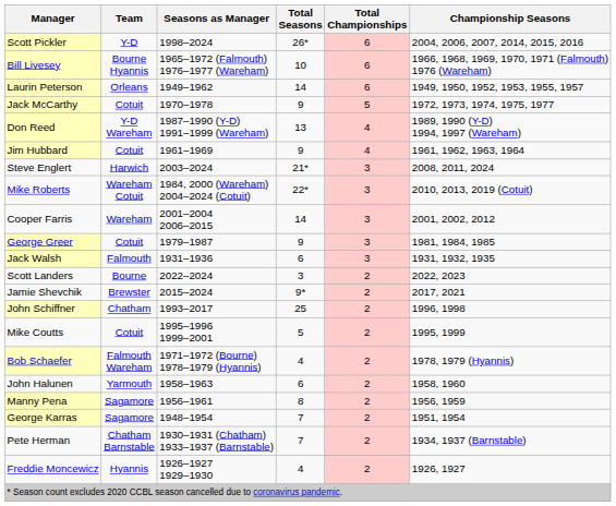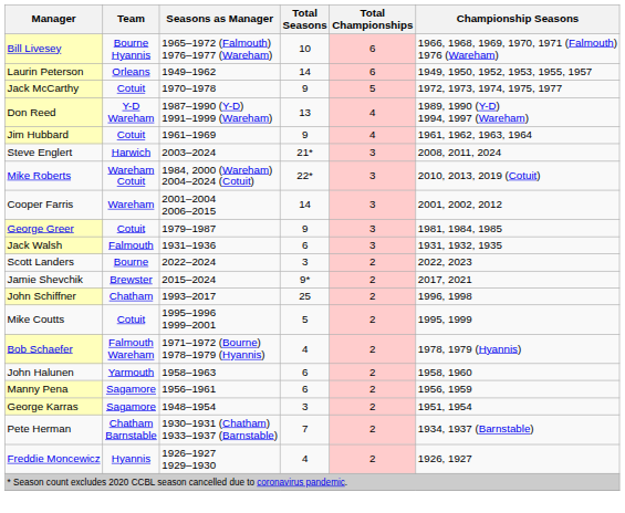 <table class="wikitable" style="text-align:center">
 <tr>
 <th>Manager</th>
 <th>Team</th>
 <th>Seasons as Manager</th>
 <th>Total<br>Seasons</th>
 <th>Total<br>Championships</th>
 <th>Championship Seasons</th>
-</tr>
-<tr>
-<td style="text-align:left; background:#ffb">Scott Pickler</td>
-<td><a href='#'>Y-D</a></td>
-<td style="text-align:left">1998–2024</td>
-<td>26*</td>
-<td bgcolor=#ffcccc>6</td>
-<td style="text-align:left">2004, 2006, 2007, 2014, 2015, 2016</td>
 </tr>
 <tr>
 <td style="text-align:left; background:#ffb"><a href='#'>Bill Livesey</a></td>
 <td><a href='#'>Bourne</a><br><a href='#'>Hyannis</a></td>
 <td style="text-align:left">1965–1972 (<a href='#'>Falmouth</a>)<br>1976–1977 (<a href='#'>Wareham</a>)</td>
 <td>10</td>
 <td bgcolor=#ffcccc>6</td>
 <td style="text-align:left">1966, 1968, 1969, 1970, 1971 (<a href='#'>Falmouth</a>)<br>1976 (<a href='#'>Wareham</a>)</td>
 </tr>
 <tr>
 <td style="text-align:left; background:#ffb">Laurin Peterson</td>
 <td><a href='#'>Orleans</a></td>
 <td style="text-align:left">1949–1962</td>
 <td>14</td>
 <td bgcolor=#ffcccc>6</td>
 <td style="text-align:left">1949, 1950, 1952, 1953, 1955, 1957</td>
 </tr>
 <tr>
 <td style="text-align:left; background:#ffb">Jack McCarthy</td>
 <td><a href='#'>Cotuit</a></td>
 <td style="text-align:left">1970–1978</td>
 <td>9</td>
 <td bgcolor=#ffcccc>5</td>
 <td style="text-align:left">1972, 1973, 1974, 1975, 1977</td>
 </tr>
 <tr>
 <td style="text-align:left; background:#ffb">Don Reed</td>
 <td><a href='#'>Y-D</a><br><a href='#'>Wareham</a></td>
 <td style="text-align:left">1987–1990 (<a href='#'>Y-D</a>)<br>1991–1999 (<a href='#'>Wareham</a>)</td>
 <td>13</td>
 <td bgcolor=#ffcccc>4</td>
 <td style="text-align:left">1989, 1990 (<a href='#'>Y-D</a>)<br>1994, 1997 (<a href='#'>Wareham</a>)</td>
 </tr>
 <tr>
 <td style="text-align:left; background:#ffb">Jim Hubbard</td>
 <td><a href='#'>Cotuit</a></td>
 <td style="text-align:left">1961–1969</td>
 <td>9</td>
 <td bgcolor=#ffcccc>4</td>
 <td style="text-align:left">1961, 1962, 1963, 1964</td>
 </tr>
 <tr>
 <td style="text-align:left">Steve Englert</td>
 <td><a href='#'>Harwich</a></td>
 <td style="text-align:left">2003–2024</td>
 <td>21*</td>
 <td bgcolor=#ffcccc>3</td>
 <td style="text-align:left">2008, 2011, 2024</td>
 </tr>
 <tr>
 <td style="text-align:left"><a href='#'>Mike Roberts</a></td>
 <td><a href='#'>Wareham</a><br><a href='#'>Cotuit</a></td>
 <td style="text-align:left">1984, 2000 (<a href='#'>Wareham</a>)<br>2004–2024 (<a href='#'>Cotuit</a>)</td>
 <td>22*</td>
 <td bgcolor=#ffcccc>3</td>
 <td style="text-align:left">2010, 2013, 2019 (<a href='#'>Cotuit</a>)</td>
 </tr>
 <tr>
 <td style="text-align:left">Cooper Farris</td>
 <td><a href='#'>Wareham</a></td>
 <td style="text-align:left">2001–2004<br>2006–2015</td>
 <td>14</td>
 <td bgcolor=#ffcccc>3</td>
 <td style="text-align:left">2001, 2002, 2012</td>
 </tr>
 <tr>
 <td style="text-align:left; background:#ffb"><a href='#'>George Greer</a></td>
 <td><a href='#'>Cotuit</a></td>
 <td style="text-align:left">1979–1987</td>
 <td>9</td>
 <td bgcolor=#ffcccc>3</td>
 <td style="text-align:left">1981, 1984, 1985</td>
 </tr>
 <tr>
 <td style="text-align:left; background:#ffb">Jack Walsh</td>
 <td><a href='#'>Falmouth</a></td>
 <td style="text-align:left">1931–1936</td>
 <td>6</td>
 <td bgcolor=#ffcccc>3</td>
 <td style="text-align:left">1931, 1932, 1935</td>
 </tr>
 <tr>
 <td style="text-align:left">Scott Landers</td>
 <td><a href='#'>Bourne</a></td>
 <td style="text-align:left">2022–2024</td>
 <td>3</td>
 <td bgcolor=#ffcccc>2</td>
 <td style="text-align:left">2022, 2023</td>
 </tr>
 <tr>
 <td style="text-align:left">Jamie Shevchik</td>
 <td><a href='#'>Brewster</a></td>
 <td style="text-align:left">2015–2024</td>
 <td>9*</td>
 <td bgcolor=#ffcccc>2</td>
 <td style="text-align:left">2017, 2021</td>
 </tr>
 <tr>
 <td style="text-align:left; background:#ffb">John Schiffner</td>
 <td><a href='#'>Chatham</a></td>
 <td style="text-align:left">1993–2017</td>
 <td>25</td>
 <td bgcolor=#ffcccc>2</td>
 <td style="text-align:left">1996, 1998</td>
 </tr>
 <tr>
 <td style="text-align:left">Mike Coutts</td>
 <td><a href='#'>Cotuit</a></td>
 <td style="text-align:left">1995–1996<br>1999–2001</td>
 <td>5</td>
 <td bgcolor=#ffcccc>2</td>
 <td style="text-align:left">1995, 1999</td>
 </tr>
 <tr>
 <td style="text-align:left; background:#ffb"><a href='#'>Bob Schaefer</a></td>
 <td><a href='#'>Falmouth</a><br><a href='#'>Wareham</a></td>
 <td style="text-align:left">1971–1972 (<a href='#'>Bourne</a>)<br>1978–1979 (<a href='#'>Hyannis</a>)</td>
 <td>4</td>
 <td bgcolor=#ffcccc>2</td>
 <td style="text-align:left">1978, 1979 (<a href='#'>Hyannis</a>)</td>
 </tr>
 <tr>
 <td style="text-align:left">John Halunen</td>
 <td><a href='#'>Yarmouth</a></td>
 <td style="text-align:left">1958–1963</td>
 <td>6</td>
 <td bgcolor=#ffcccc>2</td>
 <td style="text-align:left">1958, 1960</td>
 </tr>
 <tr>
 <td style="text-align:left; background:#ffb">Manny Pena</td>
 <td><a href='#'>Sagamore</a></td>
 <td style="text-align:left">1956–1961</td>
-<td>8</td>
+<td>6</td>
 <td bgcolor=#ffcccc>2</td>
 <td style="text-align:left">1956, 1959</td>
 </tr>
 <tr>
 <td style="text-align:left; background:#ffb">George Karras</td>
 <td><a href='#'>Sagamore</a></td>
 <td style="text-align:left">1948–1954</td>
-<td>7</td>
+<td>3</td>
 <td bgcolor=#ffcccc>2</td>
 <td style="text-align:left">1951, 1954</td>
 </tr>
 <tr>
 <td style="text-align:left">Pete Herman</td>
 <td><a href='#'>Chatham</a><br><a href='#'>Barnstable</a></td>
 <td style="text-align:left">1930–1931 (<a href='#'>Chatham</a>)<br>1933–1937 (<a href='#'>Barnstable</a>)</td>
 <td>7</td>
 <td bgcolor=#ffcccc>2</td>
 <td style="text-align:left">1934, 1937 (<a href='#'>Barnstable</a>)</td>
 </tr>
 <tr>
 <td style="text-align:left"><a href='#'>Freddie Moncewicz</a></td>
 <td><a href='#'>Hyannis</a></td>
 <td style="text-align:left">1926–1927<br>1929–1930</td>
 <td>4</td>
 <td bgcolor=#ffcccc>2</td>
 <td style="text-align:left">1926, 1927</td>
 </tr>
 <tr>
 <td colspan="6" align="left" bgcolor=#cccccc><small>* Season count excludes 2020 CCBL season cancelled due to <a href='#'>coronavirus pandemic</a>.</small></td>
 </tr>
 <tr>
 </tr>
 </table>
